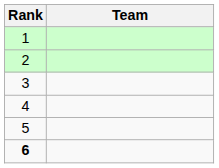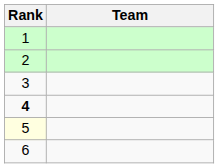 <table class="wikitable" style="text-align: center;">
 <tr>
 <th width=40>Rank</th>
 <th width=180>Team</th>
 </tr>
 <tr bgcolor=#ccffcc>
 <td>1</td>
 <td align=left></td>
 </tr>
 <tr bgcolor=#ccffcc>
 <td>2</td>
 <td align=left></td>
 </tr>
 <tr>
 <td>3</td>
 <td align=left></td>
 </tr>
 <tr>
-<td>4</td>
+<td><strong>4</strong></td>
 <td align=left></td>
 </tr>
 <tr>
-<td>5</td>
+<td style="background: lightyellow;">5</td>
 <td align=left></td>
 </tr>
 <tr>
-<td><strong>6</strong></td>
+<td>6</td>
 <td align=left></td>
 </tr>
 </table>
